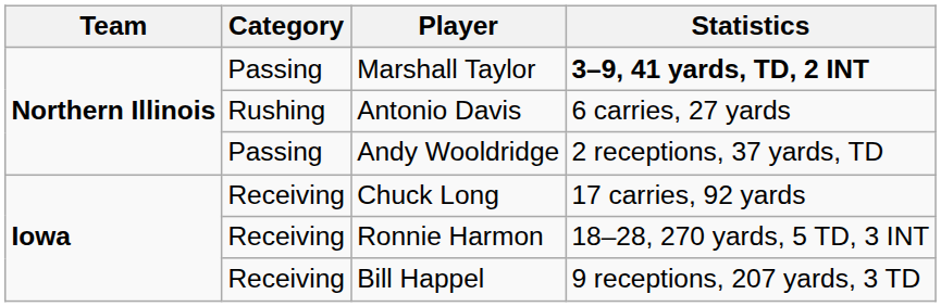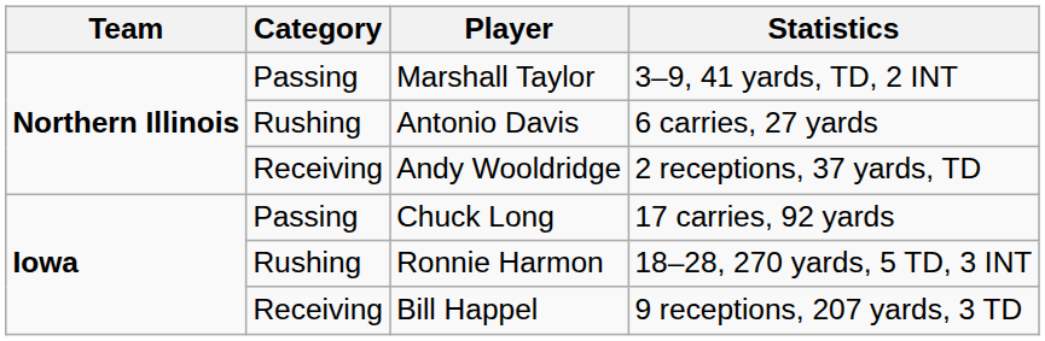 <table class="wikitable" style="float: left;">
 <tr>
 <th>Team</th>
 <th>Category</th>
 <th>Player</th>
 <th>Statistics</th>
 </tr>
 <tr>
 <td rowspan=3><strong>Northern Illinois</strong></td>
 <td>Passing</td>
 <td>Marshall Taylor</td>
-<td><strong>3–9, 41 yards, TD, 2 INT</strong></td>
+<td>3–9, 41 yards, TD, 2 INT</td>
 </tr>
 <tr>
 <td>Rushing</td>
 <td>Antonio Davis</td>
 <td>6 carries, 27 yards</td>
 </tr>
 <tr>
-<td>Passing</td>
+<td>Receiving</td>
 <td>Andy Wooldridge</td>
 <td>2 receptions, 37 yards, TD</td>
 </tr>
 <tr>
 <td rowspan=3><strong>Iowa</strong></td>
-<td>Receiving</td>
+<td>Passing</td>
 <td>Chuck Long</td>
 <td>17 carries, 92 yards</td>
 </tr>
 <tr>
-<td>Receiving</td>
+<td>Rushing</td>
 <td>Ronnie Harmon</td>
 <td>18–28, 270 yards, 5 TD, 3 INT</td>
 </tr>
 <tr>
 <td>Receiving</td>
 <td>Bill Happel</td>
 <td>9 receptions, 207 yards, 3 TD</td>
 </tr>
 </table>
